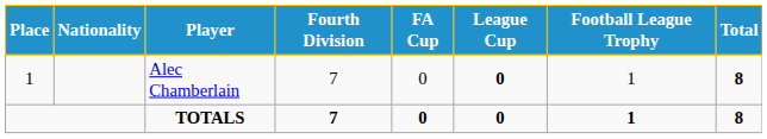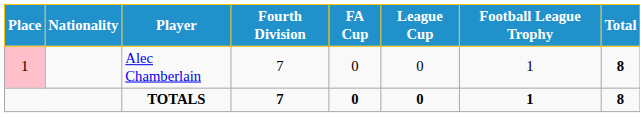 <table class="wikitable" style="text-align:center; font-size:90%; width:100%;">
 <tr>
 <th style="background:#2191CC; color:white; border:1px solid #F7C408; text-align:center;">Place</th>
 <th style="background:#2191CC; color:white; border:1px solid #F7C408; text-align:center;">Nationality</th>
 <th style="background:#2191CC; color:white; border:1px solid #F7C408; text-align:center;">Player</th>
 <th style="background:#2191CC; color:white; border:1px solid #F7C408; text-align:center;">Fourth Division</th>
 <th style="background:#2191CC; color:white; border:1px solid #F7C408; text-align:center;">FA Cup</th>
 <th style="background:#2191CC; color:white; border:1px solid #F7C408; text-align:center;">League Cup</th>
 <th style="background:#2191CC; color:white; border:1px solid #F7C408; text-align:center;">Football League Trophy</th>
 <th style="background:#2191CC; color:white; border:1px solid #F7C408; text-align:center;">Total</th>
 </tr>
 <tr>
-<td>1</td>
+<td style="background: pink;">1</td>
 <td></td>
 <td align="left"><a href='#'>Alec Chamberlain</a></td>
 <td>7</td>
 <td>0</td>
-<td><strong>0</strong></td>
+<td>0</td>
 <td>1</td>
 <td><strong>8</strong></td>
 </tr>
 <tr>
 <td colspan="2"></td>
 <td><strong>TOTALS</strong></td>
 <td><strong>7</strong></td>
 <td><strong>0</strong></td>
 <td><strong>0</strong></td>
 <td><strong>1</strong></td>
 <td><strong>8</strong></td>
 </tr>
 </table>
